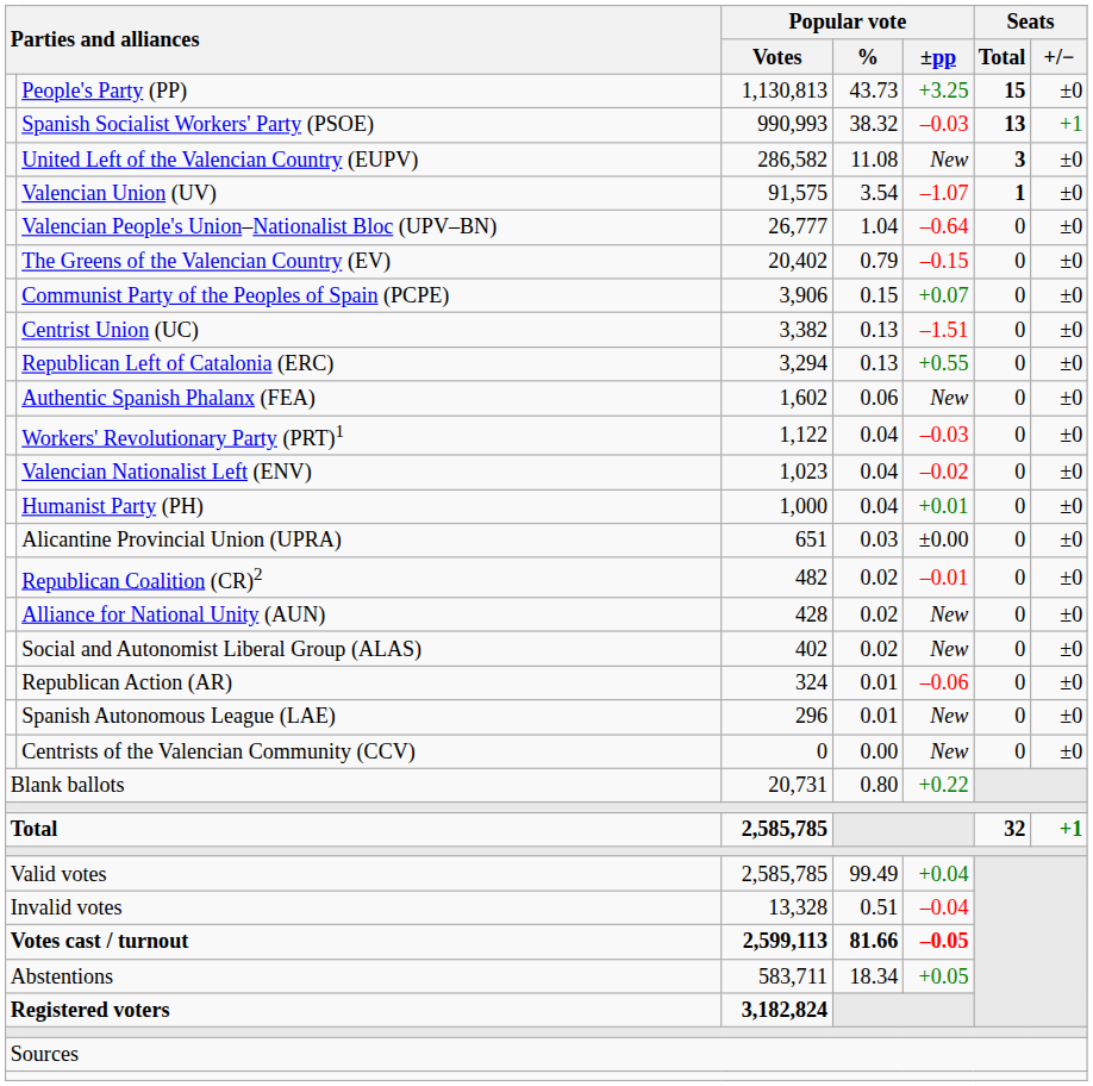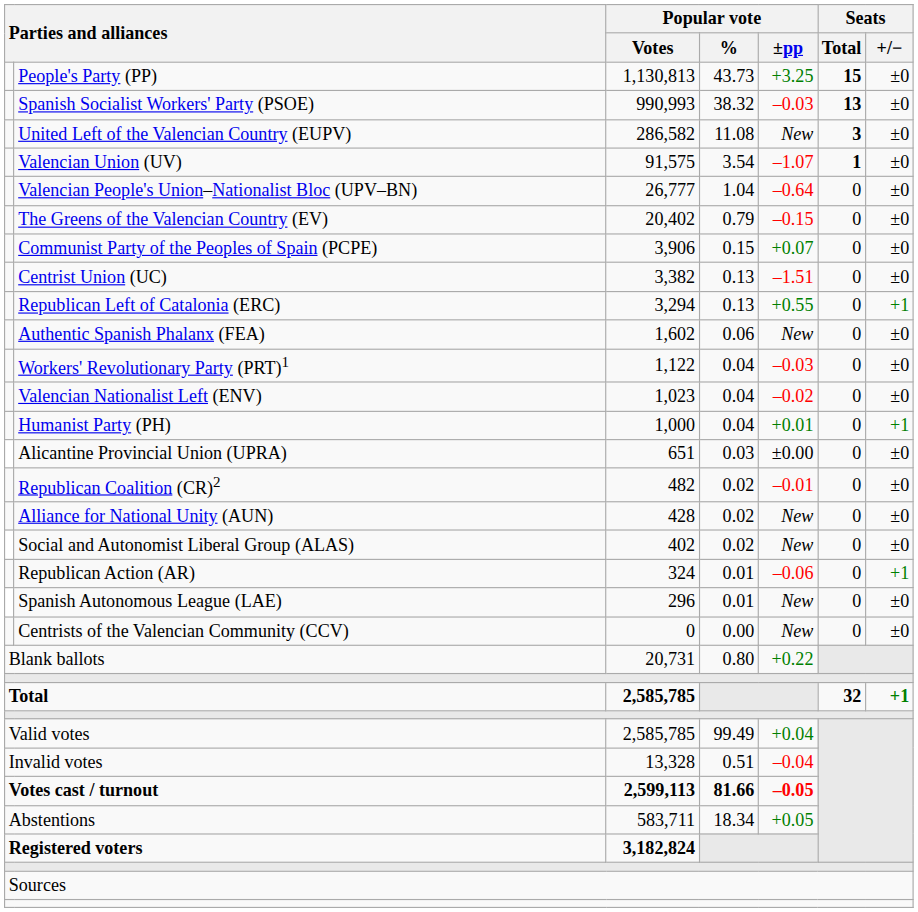 <table class="wikitable" style="text-align:right;">
 <tr>
 <th style="text-align:left;" rowspan="2" colspan="2" width="525">Parties and alliances</th>
 <th colspan="3">Popular vote</th>
 <th colspan="2">Seats</th>
 </tr>
 <tr>
 <th width="75">Votes</th>
 <th width="45">%</th>
 <th width="45">±<a href='#'>pp</a></th>
 <th width="35">Total</th>
 <th width="35">+/−</th>
 </tr>
 <tr>
 <td width="1" style="color:inherit;background:"></td>
 <td align="left"><a href='#'>People's Party</a> (PP)</td>
 <td>1,130,813</td>
 <td>43.73</td>
 <td style="color:green;">+3.25</td>
 <td><strong>15</strong></td>
 <td>±0</td>
 </tr>
 <tr>
 <td style="color:inherit;background:"></td>
 <td align="left"><a href='#'>Spanish Socialist Workers' Party</a> (PSOE)</td>
 <td>990,993</td>
 <td>38.32</td>
 <td style="color:red;">–0.03</td>
 <td><strong>13</strong></td>
-<td style="color:green;">+1</td>
+<td>±0</td>
 </tr>
 <tr>
 <td style="color:inherit;background:"></td>
 <td align="left"><a href='#'>United Left of the Valencian Country</a> (EUPV)</td>
 <td>286,582</td>
 <td>11.08</td>
 <td><em>New</em></td>
 <td><strong>3</strong></td>
 <td>±0</td>
 </tr>
 <tr>
 <td style="color:inherit;background:"></td>
 <td align="left"><a href='#'>Valencian Union</a> (UV)</td>
 <td>91,575</td>
 <td>3.54</td>
 <td style="color:red;">–1.07</td>
 <td><strong>1</strong></td>
 <td>±0</td>
 </tr>
 <tr>
 <td style="color:inherit;background:"></td>
 <td align="left"><a href='#'>Valencian People's Union</a>–<a href='#'>Nationalist Bloc</a> (UPV–BN)</td>
 <td>26,777</td>
 <td>1.04</td>
 <td style="color:red;">–0.64</td>
 <td>0</td>
 <td>±0</td>
 </tr>
 <tr>
 <td style="color:inherit;background:"></td>
 <td align="left"><a href='#'>The Greens of the Valencian Country</a> (EV)</td>
 <td>20,402</td>
 <td>0.79</td>
 <td style="color:red;">–0.15</td>
 <td>0</td>
 <td>±0</td>
 </tr>
 <tr>
 <td style="color:inherit;background:"></td>
 <td align="left"><a href='#'>Communist Party of the Peoples of Spain</a> (PCPE)</td>
 <td>3,906</td>
 <td>0.15</td>
 <td style="color:green;">+0.07</td>
 <td>0</td>
 <td>±0</td>
 </tr>
 <tr>
 <td style="color:inherit;background:"></td>
 <td align="left"><a href='#'>Centrist Union</a> (UC)</td>
 <td>3,382</td>
 <td>0.13</td>
 <td style="color:red;">–1.51</td>
 <td>0</td>
 <td>±0</td>
 </tr>
 <tr>
 <td style="color:inherit;background:"></td>
 <td align="left"><a href='#'>Republican Left of Catalonia</a> (ERC)</td>
 <td>3,294</td>
 <td>0.13</td>
 <td style="color:green;">+0.55</td>
 <td>0</td>
-<td>±0</td>
+<td style="color:green;">+1</td>
 </tr>
 <tr>
 <td style="color:inherit;background:"></td>
 <td align="left"><a href='#'>Authentic Spanish Phalanx</a> (FEA)</td>
 <td>1,602</td>
 <td>0.06</td>
 <td><em>New</em></td>
 <td>0</td>
 <td>±0</td>
 </tr>
 <tr>
 <td style="color:inherit;background:"></td>
 <td align="left"><a href='#'>Workers' Revolutionary Party</a> (PRT)<sup>1</sup></td>
 <td>1,122</td>
 <td>0.04</td>
 <td style="color:red;">–0.03</td>
 <td>0</td>
 <td>±0</td>
 </tr>
 <tr>
 <td style="color:inherit;background:"></td>
 <td align="left"><a href='#'>Valencian Nationalist Left</a> (ENV)</td>
 <td>1,023</td>
 <td>0.04</td>
 <td style="color:red;">–0.02</td>
 <td>0</td>
 <td>±0</td>
 </tr>
 <tr>
 <td style="color:inherit;background:"></td>
 <td align="left"><a href='#'>Humanist Party</a> (PH)</td>
 <td>1,000</td>
 <td>0.04</td>
 <td style="color:green;">+0.01</td>
 <td>0</td>
-<td>±0</td>
+<td style="color:green;">+1</td>
 </tr>
 <tr>
 <td bgcolor="white"></td>
 <td align="left">Alicantine Provincial Union (UPRA)</td>
 <td>651</td>
 <td>0.03</td>
 <td>±0.00</td>
 <td>0</td>
 <td>±0</td>
 </tr>
 <tr>
 <td style="color:inherit;background:"></td>
 <td align="left"><a href='#'>Republican Coalition</a> (CR)<sup>2</sup></td>
 <td>482</td>
 <td>0.02</td>
 <td style="color:red;">–0.01</td>
 <td>0</td>
 <td>±0</td>
 </tr>
 <tr>
 <td style="color:inherit;background:"></td>
 <td align="left"><a href='#'>Alliance for National Unity</a> (AUN)</td>
 <td>428</td>
 <td>0.02</td>
 <td><em>New</em></td>
 <td>0</td>
 <td>±0</td>
 </tr>
 <tr>
 <td bgcolor="white"></td>
 <td align="left">Social and Autonomist Liberal Group (ALAS)</td>
 <td>402</td>
 <td>0.02</td>
 <td><em>New</em></td>
 <td>0</td>
 <td>±0</td>
 </tr>
 <tr>
 <td style="color:inherit;background:"></td>
 <td align="left">Republican Action (AR)</td>
 <td>324</td>
 <td>0.01</td>
 <td style="color:red;">–0.06</td>
 <td>0</td>
-<td>±0</td>
+<td style="color:green;">+1</td>
 </tr>
 <tr>
 <td bgcolor="white"></td>
 <td align="left">Spanish Autonomous League (LAE)</td>
 <td>296</td>
 <td>0.01</td>
 <td><em>New</em></td>
 <td>0</td>
 <td>±0</td>
 </tr>
 <tr>
 <td style="color:inherit;background:"></td>
 <td align="left">Centrists of the Valencian Community (CCV)</td>
 <td>0</td>
 <td>0.00</td>
 <td><em>New</em></td>
 <td>0</td>
 <td>±0</td>
 </tr>
 <tr>
 <td align="left" colspan="2">Blank ballots</td>
 <td>20,731</td>
 <td>0.80</td>
 <td style="color:green;">+0.22</td>
 <td bgcolor="#E9E9E9" colspan="2"></td>
 </tr>
 <tr>
 <td colspan="7" bgcolor="#E9E9E9"></td>
 </tr>
 <tr style="font-weight:bold;">
 <td align="left" colspan="2">Total</td>
 <td>2,585,785</td>
 <td bgcolor="#E9E9E9" colspan="2"></td>
 <td>32</td>
 <td style="color:green;">+1</td>
 </tr>
 <tr>
 <td colspan="7" bgcolor="#E9E9E9"></td>
 </tr>
 <tr>
 <td align="left" colspan="2">Valid votes</td>
 <td>2,585,785</td>
 <td>99.49</td>
 <td style="color:green;">+0.04</td>
 <td bgcolor="#E9E9E9" colspan="2" rowspan="5"></td>
 </tr>
 <tr>
 <td align="left" colspan="2">Invalid votes</td>
 <td>13,328</td>
 <td>0.51</td>
 <td style="color:red;">–0.04</td>
 </tr>
 <tr style="font-weight:bold;">
 <td align="left" colspan="2">Votes cast / turnout</td>
 <td>2,599,113</td>
 <td>81.66</td>
 <td style="color:red;">–0.05</td>
 </tr>
 <tr>
 <td align="left" colspan="2">Abstentions</td>
 <td>583,711</td>
 <td>18.34</td>
 <td style="color:green;">+0.05</td>
 </tr>
 <tr style="font-weight:bold;">
 <td align="left" colspan="2">Registered voters</td>
 <td>3,182,824</td>
 <td bgcolor="#E9E9E9" colspan="2"></td>
 </tr>
 <tr>
 <td colspan="7" bgcolor="#E9E9E9"></td>
 </tr>
 <tr>
 <td align="left" colspan="7">Sources</td>
 </tr>
 <tr>
 <td colspan="7" style="text-align:left; max-width:790px;"></td>
 </tr>
 </table>
